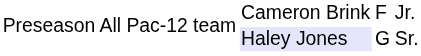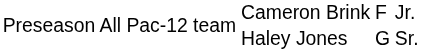 <table class="wiki table">
 <tr>
 <td rowspan=2>Preseason All Pac-12 team</td>
 <td>Cameron Brink</td>
 <td>F</td>
 <td>Jr.</td>
 </tr>
 <tr>
-<td style="background: lavender;">Haley Jones</td>
+<td>Haley Jones</td>
 <td>G</td>
 <td>Sr.</td>
 </tr>
 <tr>
 </tr>
 </table>
